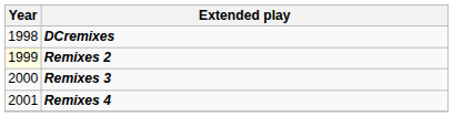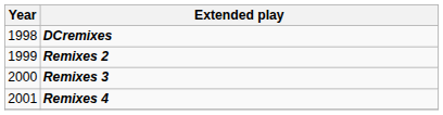 <table class="wikitable">
 <tr>
 <th width="30">Year</th>
 <th width="475">Extended play</th>
 </tr>
 <tr>
 <td>1998</td>
 <td><strong><em>DCremixes</em></strong></td>
 </tr>
 <tr>
-<td style="background: lightyellow;">1999</td>
+<td>1999</td>
 <td><strong><em>Remixes 2</em></strong></td>
 </tr>
 <tr>
 <td>2000</td>
 <td><strong><em>Remixes 3</em></strong></td>
 </tr>
 <tr>
 <td>2001</td>
 <td><strong><em>Remixes 4</em></strong></td>
 </tr>
 <tr>
 </tr>
 </table>
